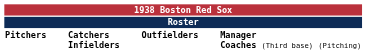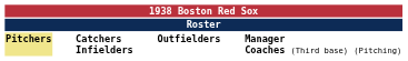 <table class="toccolours" style="text-align: left;">
 <tr>
 <th colspan="10" style="background-color: #ba313c; color: white; text-align: center;">1938 Boston Red Sox</th>
 </tr>
 <tr>
 <td colspan="10" style="background-color: #0d2b56; color: white; text-align: center;"><strong>Roster</strong></td>
 </tr>
 <tr>
-<td valign="top"><strong>Pitchers</strong><br>                </td>
+<td valign="top" style="background: khaki;"><strong>Pitchers</strong><br>                </td>
 <td width="25px"></td>
 <td valign="top"><strong>Catchers</strong><br>   <strong>Infielders</strong>      </td>
 <td width="25px"></td>
 <td valign="top"><strong>Outfielders</strong><br>    </td>
 <td width="25px"></td>
 <td valign="top"><strong>Manager</strong><br> <strong>Coaches</strong>  <small>(Third base)</small>  <small>(Pitching)</small></td>
 </tr>
 <tr>
 </tr>
 </table>
